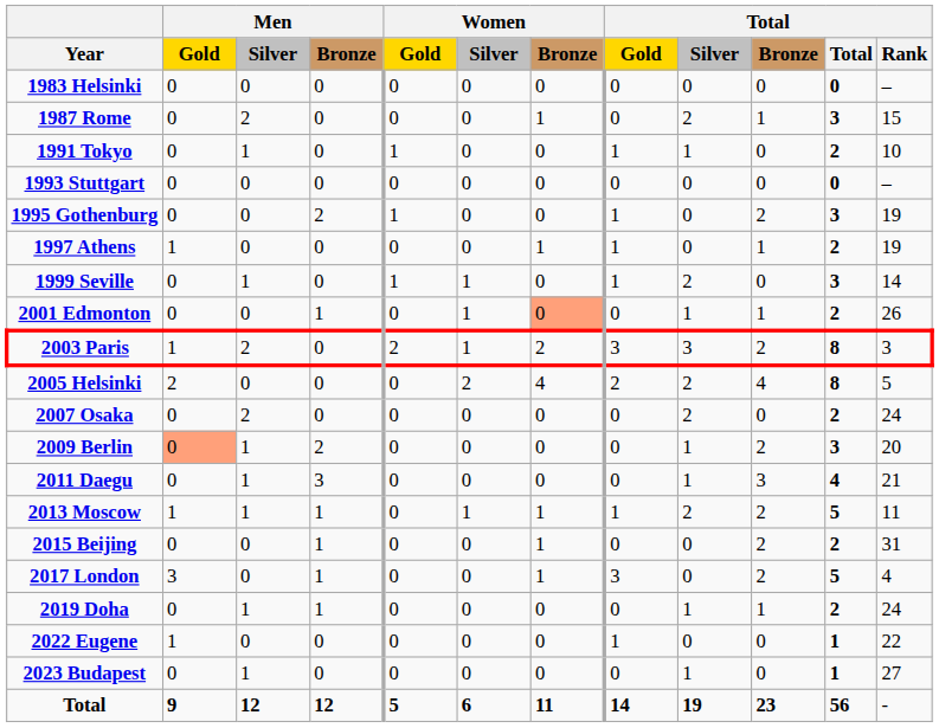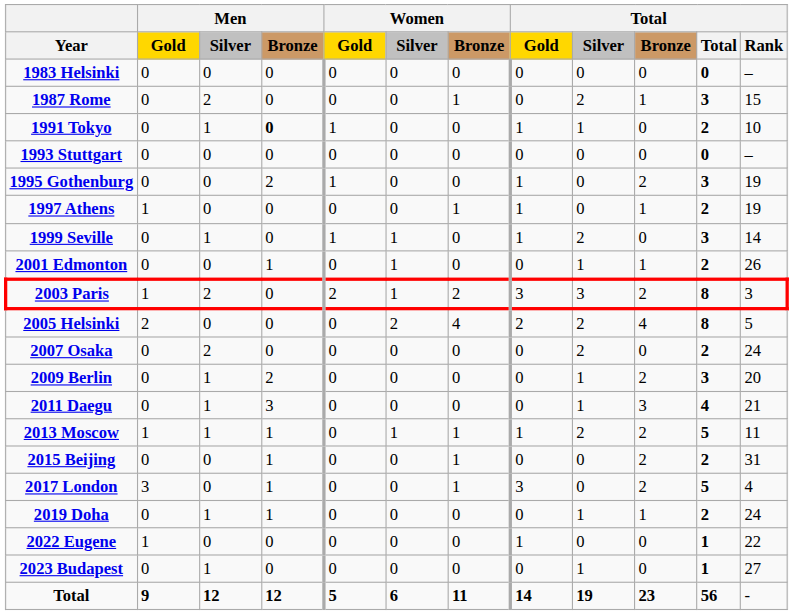 <table class="wikitable sortable" style="font-size:95%;">
 <tr>
 <th></th>
 <th colspan="3">Men</th>
 <th colspan="3">Women</th>
 <th colspan="5">Total</th>
 </tr>
 <tr>
 <th>Year</th>
 <th style="background-color: gold;" width="50px">Gold</th>
 <th style="background-color: silver;" width="50px">Silver</th>
 <th style="background-color: #cc9966;" width="50px">Bronze</th>
 <th style="background-color: gold;" width="50px">Gold</th>
 <th style="background-color: silver;" width="50px">Silver</th>
 <th style="background-color: #cc9966;" width="50px">Bronze</th>
 <th style="background-color: gold;" width="50px">Gold</th>
 <th style="background-color: silver;" width="50px">Silver</th>
 <th style="background-color: #cc9966;" width="50px">Bronze</th>
 <th>Total</th>
 <th>Rank</th>
 </tr>
 <tr>
 <td align="center"><strong><a href='#'>1983 Helsinki</a></strong></td>
 <td>0</td>
 <td>0</td>
 <td>0</td>
 <td style="border-left-width: 3px;">0</td>
 <td>0</td>
 <td>0</td>
 <td style="border-left-width: 3px;">0</td>
 <td>0</td>
 <td>0</td>
 <td><strong>0</strong></td>
 <td>–</td>
 </tr>
 <tr>
 <td align="center"><strong><a href='#'>1987 Rome</a></strong></td>
 <td>0</td>
 <td>2</td>
 <td>0</td>
 <td style="border-left-width: 3px;">0</td>
 <td>0</td>
 <td>1</td>
 <td style="border-left-width: 3px;">0</td>
 <td>2</td>
 <td>1</td>
 <td><strong>3</strong></td>
 <td>15</td>
 </tr>
 <tr>
 <td align="center"><strong><a href='#'>1991 Tokyo</a></strong></td>
 <td>0</td>
 <td>1</td>
-<td>0</td>
+<td><strong>0</strong></td>
 <td style="border-left-width: 3px;">1</td>
 <td>0</td>
 <td>0</td>
 <td style="border-left-width: 3px;">1</td>
 <td>1</td>
 <td>0</td>
 <td><strong>2</strong></td>
 <td>10</td>
 </tr>
 <tr>
 <td align="center"><strong><a href='#'>1993 Stuttgart</a></strong></td>
 <td>0</td>
 <td>0</td>
 <td>0</td>
 <td style="border-left-width: 3px;">0</td>
 <td>0</td>
 <td>0</td>
 <td style="border-left-width: 3px;">0</td>
 <td>0</td>
 <td>0</td>
 <td><strong>0</strong></td>
 <td>–</td>
 </tr>
 <tr>
 <td align="center"><strong><a href='#'>1995 Gothenburg</a></strong></td>
 <td>0</td>
 <td>0</td>
 <td>2</td>
 <td style="border-left-width: 3px;">1</td>
 <td>0</td>
 <td>0</td>
 <td style="border-left-width: 3px;">1</td>
 <td>0</td>
 <td>2</td>
 <td><strong>3</strong></td>
 <td>19</td>
 </tr>
 <tr>
 <td align="center"><strong><a href='#'>1997 Athens</a></strong></td>
 <td>1</td>
 <td>0</td>
 <td>0</td>
 <td style="border-left-width: 3px;">0</td>
 <td>0</td>
 <td>1</td>
 <td style="border-left-width: 3px;">1</td>
 <td>0</td>
 <td>1</td>
 <td><strong>2</strong></td>
 <td>19</td>
 </tr>
 <tr>
 <td align="center"><strong><a href='#'>1999 Seville</a></strong></td>
 <td>0</td>
 <td>1</td>
 <td>0</td>
 <td style="border-left-width: 3px;">1</td>
 <td>1</td>
 <td>0</td>
 <td style="border-left-width: 3px;">1</td>
 <td>2</td>
 <td>0</td>
 <td><strong>3</strong></td>
 <td>14</td>
 </tr>
 <tr>
 <td align="center"><strong><a href='#'>2001 Edmonton</a></strong></td>
 <td>0</td>
 <td>0</td>
 <td>1</td>
 <td style="border-left-width: 3px;">0</td>
 <td>1</td>
-<td style="background: lightsalmon;">0</td>
+<td>0</td>
 <td style="border-left-width: 3px;">0</td>
 <td>1</td>
 <td>1</td>
 <td><strong>2</strong></td>
 <td>26</td>
 </tr>
 <tr style="border: 3px solid red">
 <td align="center"><strong><a href='#'>2003 Paris</a></strong></td>
 <td>1</td>
 <td>2</td>
 <td>0</td>
 <td style="border-left-width: 3px;">2</td>
 <td>1</td>
 <td>2</td>
 <td style="border-left-width: 3px;">3</td>
 <td>3</td>
 <td>2</td>
 <td><strong>8</strong></td>
 <td>3</td>
 </tr>
 <tr>
 <td align="center"><strong><a href='#'>2005 Helsinki</a></strong></td>
 <td>2</td>
 <td>0</td>
 <td>0</td>
 <td style="border-left-width: 3px;">0</td>
 <td>2</td>
 <td>4</td>
 <td style="border-left-width: 3px;">2</td>
 <td>2</td>
 <td>4</td>
 <td><strong>8</strong></td>
 <td>5</td>
 </tr>
 <tr>
 <td align="center"><strong><a href='#'>2007 Osaka</a></strong></td>
 <td>0</td>
 <td>2</td>
 <td>0</td>
 <td style="border-left-width: 3px;">0</td>
 <td>0</td>
 <td>0</td>
 <td style="border-left-width: 3px;">0</td>
 <td>2</td>
 <td>0</td>
 <td><strong>2</strong></td>
 <td>24</td>
 </tr>
 <tr>
 <td align="center"><strong><a href='#'>2009 Berlin</a></strong></td>
-<td style="background: lightsalmon;">0</td>
+<td>0</td>
 <td>1</td>
 <td>2</td>
 <td style="border-left-width: 3px;">0</td>
 <td>0</td>
 <td>0</td>
 <td style="border-left-width: 3px;">0</td>
 <td>1</td>
 <td>2</td>
 <td><strong>3</strong></td>
 <td>20</td>
 </tr>
 <tr>
 <td align="center"><strong><a href='#'>2011 Daegu</a></strong></td>
 <td>0</td>
 <td>1</td>
 <td>3</td>
 <td style="border-left-width: 3px;">0</td>
 <td>0</td>
 <td>0</td>
 <td style="border-left-width: 3px;">0</td>
 <td>1</td>
 <td>3</td>
 <td><strong>4</strong></td>
 <td>21</td>
 </tr>
 <tr>
 <td align="center"><strong><a href='#'>2013 Moscow</a></strong></td>
 <td>1</td>
 <td>1</td>
 <td>1</td>
 <td style="border-left-width: 3px;">0</td>
 <td>1</td>
 <td>1</td>
 <td style="border-left-width: 3px;">1</td>
 <td>2</td>
 <td>2</td>
 <td><strong>5</strong></td>
 <td>11</td>
 </tr>
 <tr>
 <td align="center"><strong><a href='#'>2015 Beijing</a></strong></td>
 <td>0</td>
 <td>0</td>
 <td>1</td>
 <td style="border-left-width: 3px;">0</td>
 <td>0</td>
 <td>1</td>
 <td style="border-left-width: 3px;">0</td>
 <td>0</td>
 <td>2</td>
 <td><strong>2</strong></td>
 <td>31</td>
 </tr>
 <tr>
 <td align="center"><strong><a href='#'>2017 London</a></strong></td>
 <td>3</td>
 <td>0</td>
 <td>1</td>
 <td style="border-left-width: 3px;">0</td>
 <td>0</td>
 <td>1</td>
 <td style="border-left-width: 3px;">3</td>
 <td>0</td>
 <td>2</td>
 <td><strong>5</strong></td>
 <td>4</td>
 </tr>
 <tr>
 <td align="center"><strong><a href='#'>2019 Doha</a></strong></td>
 <td>0</td>
 <td>1</td>
 <td>1</td>
 <td style="border-left-width: 3px;">0</td>
 <td>0</td>
 <td>0</td>
 <td style="border-left-width: 3px;">0</td>
 <td>1</td>
 <td>1</td>
 <td><strong>2</strong></td>
 <td>24</td>
 </tr>
 <tr>
 <td align="center"><strong><a href='#'>2022 Eugene</a></strong></td>
 <td>1</td>
 <td>0</td>
 <td>0</td>
 <td style="border-left-width: 3px;">0</td>
 <td>0</td>
 <td>0</td>
 <td style="border-left-width: 3px;">1</td>
 <td>0</td>
 <td>0</td>
 <td><strong>1</strong></td>
 <td>22</td>
 </tr>
 <tr>
 <td align="center"><strong><a href='#'>2023 Budapest</a></strong></td>
 <td>0</td>
 <td>1</td>
 <td>0</td>
 <td style="border-left-width: 3px;">0</td>
 <td>0</td>
 <td>0</td>
 <td style="border-left-width: 3px;">0</td>
 <td>1</td>
 <td>0</td>
 <td><strong>1</strong></td>
 <td>27</td>
 </tr>
 <tr>
 <td align="center"><strong>Total</strong></td>
 <td><strong>9</strong></td>
 <td><strong>12</strong></td>
 <td><strong>12</strong></td>
 <td style="border-left-width: 3px;"><strong>5</strong></td>
 <td><strong>6</strong></td>
 <td><strong>11</strong></td>
 <td style="border-left-width: 3px;"><strong>14</strong></td>
 <td><strong>19</strong></td>
 <td><strong>23</strong></td>
 <td><strong>56</strong></td>
 <td>-</td>
 </tr>
 </table>
